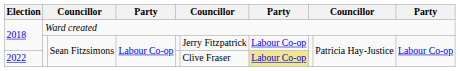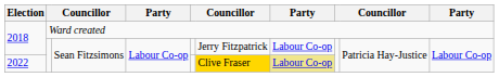 <table class="wikitable">
 <tr>
 <th>Election</th>
 <th colspan="2">Councillor</th>
 <th>Party</th>
 <th colspan="2">Councillor</th>
 <th>Party</th>
 <th colspan="2">Councillor</th>
 <th>Party</th>
 </tr>
 <tr>
 <td rowspan="2"><a href='#'>2018</a></td>
 <td colspan="12"><em>Ward created</em></td>
 </tr>
 <tr>
 <td rowspan="2" style="background-color: "></td>
 <td rowspan="2">Sean Fitzsimons</td>
 <td rowspan="2"><a href='#'>Labour Co-op</a></td>
 <td style="background-color: "></td>
 <td>Jerry Fitzpatrick</td>
 <td><a href='#'>Labour Co-op</a></td>
 <td rowspan="2" style="background-color: "></td>
 <td rowspan="2">Patricia Hay-Justice</td>
 <td rowspan="2"><a href='#'>Labour Co-op</a></td>
 </tr>
 <tr>
 <td><a href='#'>2022</a></td>
 <td style="background-color: "></td>
-<td>Clive Fraser</td>
+<td style="background: gold;">Clive Fraser</td>
 <td style="background: khaki;"><a href='#'>Labour Co-op</a></td>
 </tr>
 </table>
